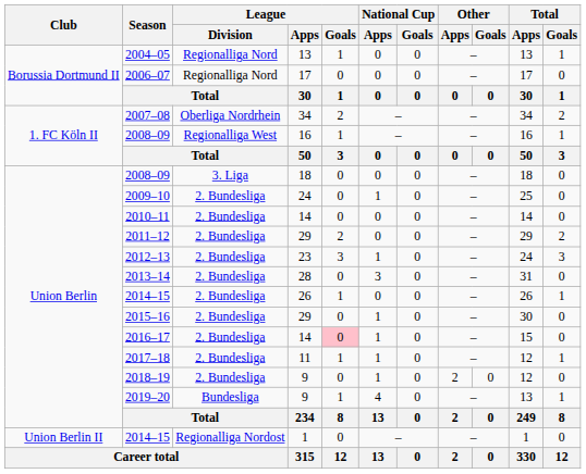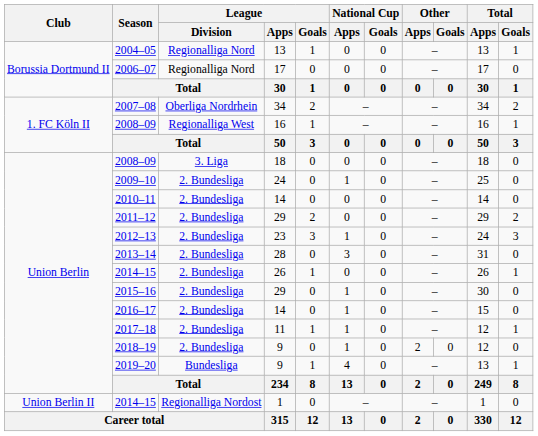 <table class="wikitable" style="text-align: center">
 <tr>
 <th rowspan="2">Club</th>
 <th rowspan="2">Season</th>
 <th colspan="3">League</th>
 <th colspan="2">National Cup</th>
 <th colspan="2">Other</th>
 <th colspan="2">Total</th>
 </tr>
 <tr>
 <th>Division</th>
 <th>Apps</th>
 <th>Goals</th>
 <th>Apps</th>
 <th>Goals</th>
 <th>Apps</th>
 <th>Goals</th>
 <th>Apps</th>
 <th>Goals</th>
 </tr>
 <tr>
 <td rowspan="3"><a href='#'>Borussia Dortmund II</a></td>
 <td><a href='#'>2004–05</a></td>
 <td><a href='#'>Regionalliga Nord</a></td>
 <td>13</td>
 <td>1</td>
 <td>0</td>
 <td>0</td>
 <td colspan="2">–</td>
 <td>13</td>
 <td>1</td>
 </tr>
 <tr>
 <td><a href='#'>2006–07</a></td>
 <td>Regionalliga Nord</td>
 <td>17</td>
 <td>0</td>
 <td>0</td>
 <td>0</td>
 <td colspan="2">–</td>
 <td>17</td>
 <td>0</td>
 </tr>
 <tr>
 <th colspan="2">Total</th>
 <th>30</th>
 <th>1</th>
 <th>0</th>
 <th>0</th>
 <th>0</th>
 <th>0</th>
 <th>30</th>
 <th>1</th>
 </tr>
 <tr>
 <td rowspan="3"><a href='#'>1. FC Köln II</a></td>
 <td><a href='#'>2007–08</a></td>
 <td><a href='#'>Oberliga Nordrhein</a></td>
 <td>34</td>
 <td>2</td>
 <td colspan="2">–</td>
 <td colspan="2">–</td>
 <td>34</td>
 <td>2</td>
 </tr>
 <tr>
 <td><a href='#'>2008–09</a></td>
 <td><a href='#'>Regionalliga West</a></td>
 <td>16</td>
 <td>1</td>
 <td colspan="2">–</td>
 <td colspan="2">–</td>
 <td>16</td>
 <td>1</td>
 </tr>
 <tr>
 <th colspan="2">Total</th>
 <th>50</th>
 <th>3</th>
 <th>0</th>
 <th>0</th>
 <th>0</th>
 <th>0</th>
 <th>50</th>
 <th>3</th>
 </tr>
 <tr>
 <td rowspan="13"><a href='#'>Union Berlin</a></td>
 <td><a href='#'>2008–09</a></td>
 <td><a href='#'>3. Liga</a></td>
 <td>18</td>
 <td>0</td>
 <td>0</td>
 <td>0</td>
 <td colspan="2">–</td>
 <td>18</td>
 <td>0</td>
 </tr>
 <tr>
 <td><a href='#'>2009–10</a></td>
 <td><a href='#'>2. Bundesliga</a></td>
 <td>24</td>
 <td>0</td>
 <td>1</td>
 <td>0</td>
 <td colspan="2">–</td>
 <td>25</td>
 <td>0</td>
 </tr>
 <tr>
 <td><a href='#'>2010–11</a></td>
 <td><a href='#'>2. Bundesliga</a></td>
 <td>14</td>
 <td>0</td>
 <td>0</td>
 <td>0</td>
 <td colspan="2">–</td>
 <td>14</td>
 <td>0</td>
 </tr>
 <tr>
 <td><a href='#'>2011–12</a></td>
 <td><a href='#'>2. Bundesliga</a></td>
 <td>29</td>
 <td>2</td>
 <td>0</td>
 <td>0</td>
 <td colspan="2">–</td>
 <td>29</td>
 <td>2</td>
 </tr>
 <tr>
 <td><a href='#'>2012–13</a></td>
 <td><a href='#'>2. Bundesliga</a></td>
 <td>23</td>
 <td>3</td>
 <td>1</td>
 <td>0</td>
 <td colspan="2">–</td>
 <td>24</td>
 <td>3</td>
 </tr>
 <tr>
 <td><a href='#'>2013–14</a></td>
 <td><a href='#'>2. Bundesliga</a></td>
 <td>28</td>
 <td>0</td>
 <td>3</td>
 <td>0</td>
 <td colspan="2">–</td>
 <td>31</td>
 <td>0</td>
 </tr>
 <tr>
 <td><a href='#'>2014–15</a></td>
 <td><a href='#'>2. Bundesliga</a></td>
 <td>26</td>
 <td>1</td>
 <td>0</td>
 <td>0</td>
 <td colspan="2">–</td>
 <td>26</td>
 <td>1</td>
 </tr>
 <tr>
 <td><a href='#'>2015–16</a></td>
 <td><a href='#'>2. Bundesliga</a></td>
 <td>29</td>
 <td>0</td>
 <td>1</td>
 <td>0</td>
 <td colspan="2">–</td>
 <td>30</td>
 <td>0</td>
 </tr>
 <tr>
 <td><a href='#'>2016–17</a></td>
 <td><a href='#'>2. Bundesliga</a></td>
 <td>14</td>
-<td style="background: pink;">0</td>
+<td>0</td>
 <td>1</td>
 <td>0</td>
 <td colspan="2">–</td>
 <td>15</td>
 <td>0</td>
 </tr>
 <tr>
 <td><a href='#'>2017–18</a></td>
 <td><a href='#'>2. Bundesliga</a></td>
 <td>11</td>
 <td>1</td>
 <td>1</td>
 <td>0</td>
 <td colspan="2">–</td>
 <td>12</td>
 <td>1</td>
 </tr>
 <tr>
 <td><a href='#'>2018–19</a></td>
 <td><a href='#'>2. Bundesliga</a></td>
 <td>9</td>
 <td>0</td>
 <td>1</td>
 <td>0</td>
 <td>2</td>
 <td>0</td>
 <td>12</td>
 <td>0</td>
 </tr>
 <tr>
 <td><a href='#'>2019–20</a></td>
 <td><a href='#'>Bundesliga</a></td>
 <td>9</td>
 <td>1</td>
 <td>4</td>
 <td>0</td>
 <td colspan="2">–</td>
 <td>13</td>
 <td>1</td>
 </tr>
 <tr>
 <th colspan="2">Total</th>
 <th>234</th>
 <th>8</th>
 <th>13</th>
 <th>0</th>
 <th>2</th>
 <th>0</th>
 <th>249</th>
 <th>8</th>
 </tr>
 <tr>
 <td><a href='#'>Union Berlin II</a></td>
 <td><a href='#'>2014–15</a></td>
 <td><a href='#'>Regionalliga Nordost</a></td>
 <td>1</td>
 <td>0</td>
 <td colspan="2">–</td>
 <td colspan="2">–</td>
 <td>1</td>
 <td>0</td>
 </tr>
 <tr>
 <th colspan="3">Career total</th>
 <th>315</th>
 <th>12</th>
 <th>13</th>
 <th>0</th>
 <th>2</th>
 <th>0</th>
 <th>330</th>
 <th>12</th>
 </tr>
 </table>
